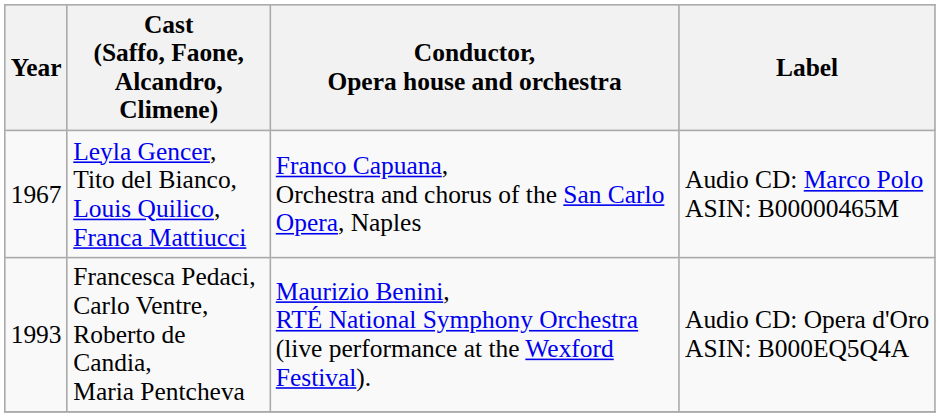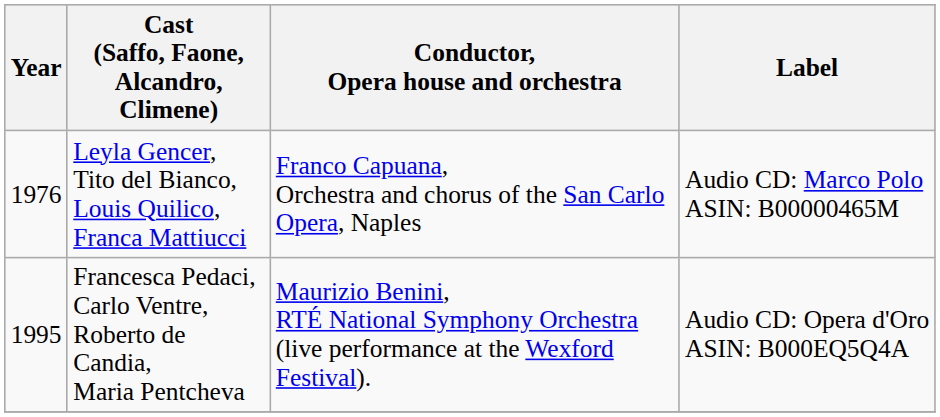 <table class="wikitable">
 <tr>
 <th>Year</th>
 <th Width="120">Cast<br>(Saffo, Faone, Alcandro, Climene)</th>
 <th Width="250">Conductor,<br>Opera house and orchestra</th>
 <th>Label</th>
 </tr>
 <tr>
-<td>1967</td>
+<td>1976</td>
 <td><a href='#'>Leyla Gencer</a>,<br>Tito del Bianco,<br><a href='#'>Louis Quilico</a>,<br><a href='#'>Franca Mattiucci</a></td>
 <td><a href='#'>Franco Capuana</a>,<br>Orchestra and chorus of the <a href='#'>San Carlo Opera</a>, Naples</td>
 <td>Audio CD: <a href='#'>Marco Polo</a><br>ASIN: B00000465M</td>
 </tr>
 <tr>
-<td>1993</td>
+<td>1995</td>
 <td>Francesca Pedaci,<br>Carlo Ventre,<br>Roberto de Candia,<br>Maria Pentcheva</td>
 <td><a href='#'>Maurizio Benini</a>,<br><a href='#'>RTÉ National Symphony Orchestra</a> (live performance at the <a href='#'>Wexford Festival</a>).</td>
 <td>Audio CD: Opera d'Oro<br>ASIN: B000EQ5Q4A</td>
 </tr>
 <tr>
 </tr>
 </table>
